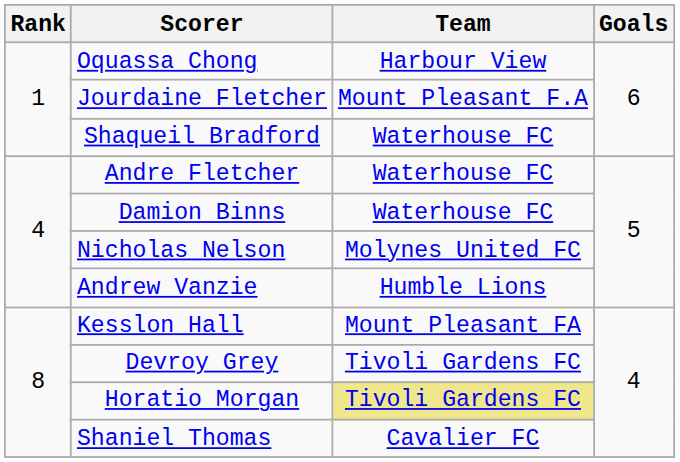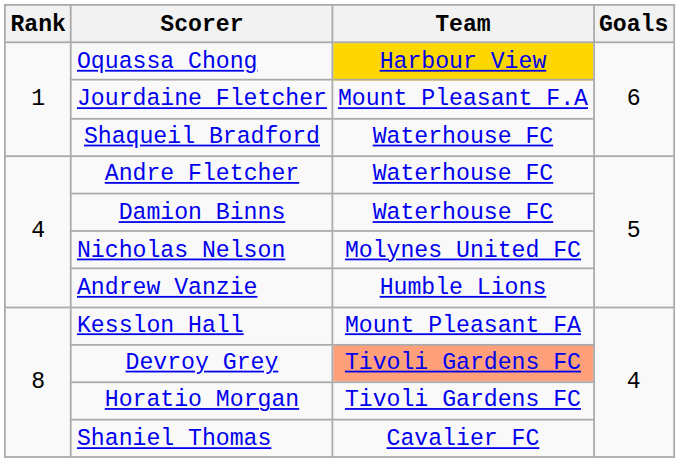 <table class="wikitable" style="text-align:center">
 <tr>
 <th>Rank</th>
 <th>Scorer</th>
 <th>Team</th>
 <th>Goals</th>
 </tr>
 <tr>
 <td rowspan="3">1</td>
 <td style="text-align:left"> <a href='#'>Oquassa Chong</a></td>
-<td><a href='#'>Harbour View</a></td>
+<td style="background: gold;"><a href='#'>Harbour View</a></td>
 <td rowspan="3">6</td>
 </tr>
 <tr>
 <td> <a href='#'>Jourdaine Fletcher</a></td>
 <td><a href='#'>Mount Pleasant F.A</a></td>
 </tr>
 <tr>
 <td> <a href='#'>Shaqueil Bradford</a></td>
 <td><a href='#'>Waterhouse FC</a></td>
 </tr>
 <tr>
 <td rowspan="4">4</td>
 <td> <a href='#'>Andre Fletcher</a></td>
 <td><a href='#'>Waterhouse FC</a></td>
 <td rowspan="4">5</td>
 </tr>
 <tr>
 <td> <a href='#'>Damion Binns</a></td>
 <td><a href='#'>Waterhouse FC</a></td>
 </tr>
 <tr>
 <td style="text-align:left"> <a href='#'>Nicholas Nelson</a></td>
 <td><a href='#'>Molynes United FC</a></td>
 </tr>
 <tr>
 <td style="text-align:left"> <a href='#'>Andrew Vanzie</a></td>
 <td><a href='#'>Humble Lions</a></td>
 </tr>
 <tr>
 <td rowspan="4">8</td>
 <td style="text-align:left"> <a href='#'>Kesslon Hall</a></td>
 <td><a href='#'>Mount Pleasant FA</a></td>
 <td rowspan="4">4</td>
 </tr>
 <tr>
 <td> <a href='#'>Devroy Grey</a></td>
-<td><a href='#'>Tivoli Gardens FC</a></td>
+<td style="background: lightsalmon;"><a href='#'>Tivoli Gardens FC</a></td>
 </tr>
 <tr>
 <td> <a href='#'>Horatio Morgan</a></td>
-<td style="background: khaki;"><a href='#'>Tivoli Gardens FC</a></td>
+<td><a href='#'>Tivoli Gardens FC</a></td>
 </tr>
 <tr>
 <td style="text-align:left">  <a href='#'>Shaniel Thomas</a></td>
 <td><a href='#'>Cavalier FC</a></td>
 </tr>
 </table>
